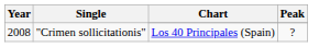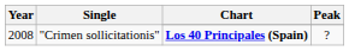 <table class="wikitable">
 <tr>
 <th>Year</th>
 <th>Single</th>
 <th>Chart</th>
 <th>Peak</th>
 </tr>
 <tr>
 <td rowspan=2>2008</td>
 <td rowspan=2>"Crimen sollicitationis"</td>
 </tr>
 <tr>
-<td><a href='#'>Los 40 Principales</a> (Spain)</td>
+<td><strong><a href='#'>Los 40 Principales</a> (Spain)</strong></td>
 <td style="text-align:center;">?</td>
 </tr>
 </table>
